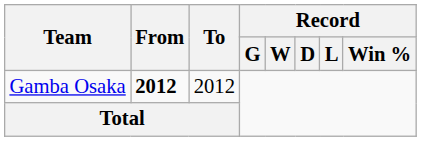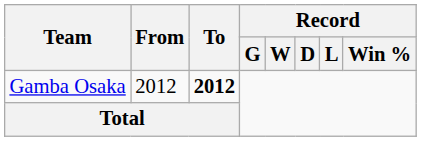 <table class="wikitable" style="text-align: center">
 <tr>
 <th rowspan="2">Team</th>
 <th rowspan="2">From</th>
 <th rowspan="2">To</th>
 <th colspan="5">Record</th>
 </tr>
 <tr>
 <th>G</th>
 <th>W</th>
 <th>D</th>
 <th>L</th>
 <th>Win %</th>
 </tr>
 <tr>
 <td align="left"><a href='#'>Gamba Osaka</a></td>
-<td align="left"><strong>2012</strong></td>
-<td align="left">2012<br></td>
+<td align="left">2012</td>
+<td align="left"><strong>2012<br></strong></td>
 </tr>
 <tr>
 <th colspan="3">Total<br></th>
 </tr>
 </table>
